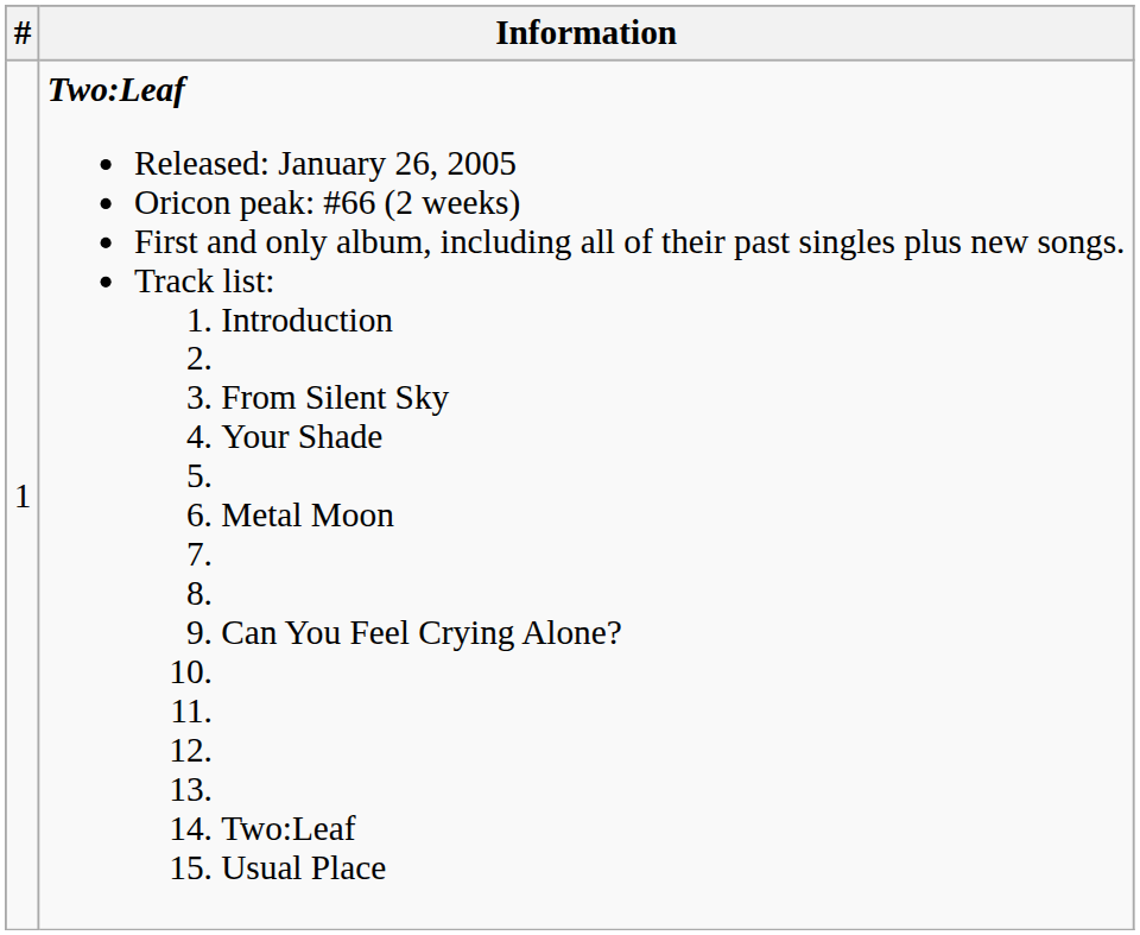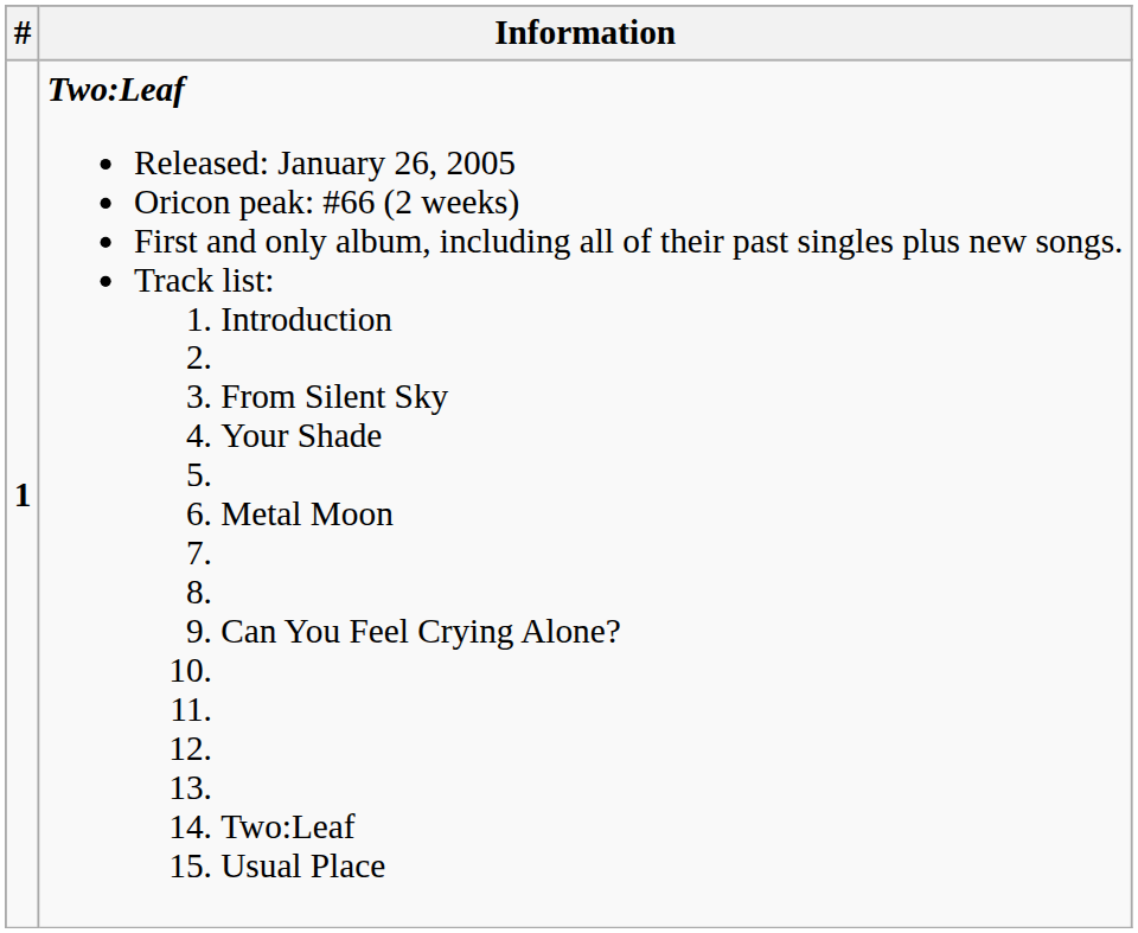 <table class="wikitable">
 <tr>
 <th>#</th>
 <th>Information</th>
 </tr>
 <tr>
-<td>1</td>
+<td><strong>1</strong></td>
 <td><strong><em>Two:Leaf</em></strong><br><ul><li>Released: January 26, 2005</li><li>Oricon peak: #66 (2 weeks)</li><li>First and only album, including all of their past singles plus new songs.</li><li>Track list:<ol><li>Introduction</li><li></li><li>From Silent Sky</li><li>Your Shade</li><li></li><li>Metal Moon</li><li></li><li></li><li>Can You Feel Crying Alone?</li><li></li><li></li><li></li><li></li><li>Two:Leaf</li><li>Usual Place</li></ol></li></ul></td>
 </tr>
 </table>
